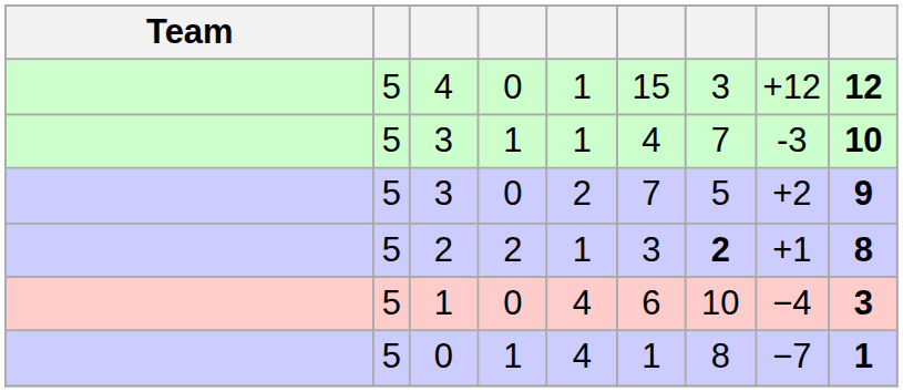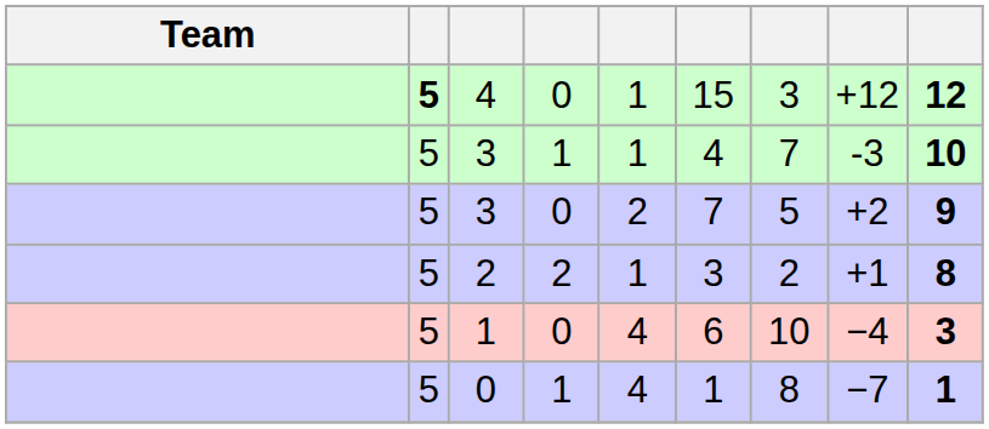 <table class="wikitable" style="text-align: center;">
 <tr>
 </tr>
 <tr>
 <th width=165>Team</th>
 <th wiBAN=20></th>
 <th width="25"></th>
 <th width="25"></th>
 <th width="25"></th>
 <th width="25"></th>
 <th width="25"></th>
 <th width="25"></th>
 <th width="25"></th>
 </tr>
 <tr bgcolor=CCFFCC>
 <td align=left></td>
-<td>5</td>
+<td><strong>5</strong></td>
 <td>4</td>
 <td>0</td>
 <td>1</td>
 <td>15</td>
 <td>3</td>
 <td>+12</td>
 <td><strong>12</strong></td>
 </tr>
 <tr bgcolor=CCFFCC>
 <td align=left></td>
 <td>5</td>
 <td>3</td>
 <td>1</td>
 <td>1</td>
 <td>4</td>
 <td>7</td>
 <td>-3</td>
 <td><strong>10</strong></td>
 </tr>
 <tr bgcolor=CCCCFF>
 <td align=left></td>
 <td>5</td>
 <td>3</td>
 <td>0</td>
 <td>2</td>
 <td>7</td>
 <td>5</td>
 <td>+2</td>
 <td><strong>9</strong></td>
 </tr>
 <tr bgcolor=CCCCFF>
 <td align=left></td>
 <td>5</td>
 <td>2</td>
 <td>2</td>
 <td>1</td>
 <td>3</td>
-<td><strong>2</strong></td>
+<td>2</td>
 <td>+1</td>
 <td><strong>8</strong></td>
 </tr>
 <tr bgcolor=FFCCCC>
 <td align=left></td>
 <td>5</td>
 <td>1</td>
 <td>0</td>
 <td>4</td>
 <td>6</td>
 <td>10</td>
 <td>−4</td>
 <td><strong>3</strong></td>
 </tr>
 <tr bgcolor=CCCCFF>
 <td align=left></td>
 <td>5</td>
 <td>0</td>
 <td>1</td>
 <td>4</td>
 <td>1</td>
 <td>8</td>
 <td>−7</td>
 <td><strong>1</strong></td>
 </tr>
 <tr>
 </tr>
 </table>
